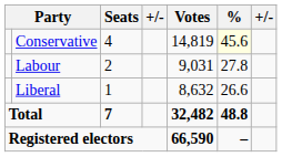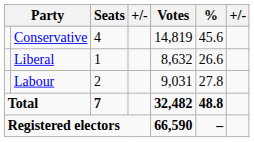 <table class="wikitable sortable">
 <tr>
 <th colspan="2">Party</th>
 <th>Seats</th>
 <th>+/-</th>
 <th>Votes</th>
 <th>%</th>
 <th>+/-</th>
 </tr>
 <tr>
 <td style="background-color: "></td>
 <td><a href='#'>Conservative</a></td>
 <td>4</td>
 <td></td>
 <td style="text-align:right;">14,819</td>
-<td style="background: lightyellow; text-align:right;">45.6</td>
+<td style="text-align:right;">45.6</td>
+<td style="text-align:right;"></td>
+</tr>
+<tr>
+<td style="background-color: "></td>
+<td><a href='#'>Liberal</a></td>
+<td>1</td>
+<td></td>
+<td style="text-align:right;">8,632</td>
+<td style="text-align:right;">26.6</td>
 <td style="text-align:right;"></td>
 </tr>
 <tr>
 <td style="background-color: "></td>
 <td><a href='#'>Labour</a></td>
 <td>2</td>
 <td></td>
 <td style="text-align:right;">9,031</td>
 <td style="text-align:right;">27.8</td>
-<td style="text-align:right;"></td>
-</tr>
-<tr>
-<td style="background-color: "></td>
-<td><a href='#'>Liberal</a></td>
-<td>1</td>
-<td></td>
-<td style="text-align:right;">8,632</td>
-<td style="text-align:right;">26.6</td>
 <td style="text-align:right;"></td>
 </tr>
 <tr>
 <td colspan="2"><strong>Total</strong></td>
 <td><strong>7</strong></td>
 <td></td>
 <td style="text-align:right;"><strong>32,482</strong></td>
 <td style="text-align:right;"><strong>48.8</strong></td>
 <td style="text-align:right;"></td>
 </tr>
 <tr>
 <td colspan="4"><strong>Registered electors</strong></td>
 <td style="text-align:right;"><strong>66,590</strong></td>
 <td style="text-align:right;"><strong>–</strong></td>
 <td style="text-align:right;"></td>
 </tr>
 </table>
